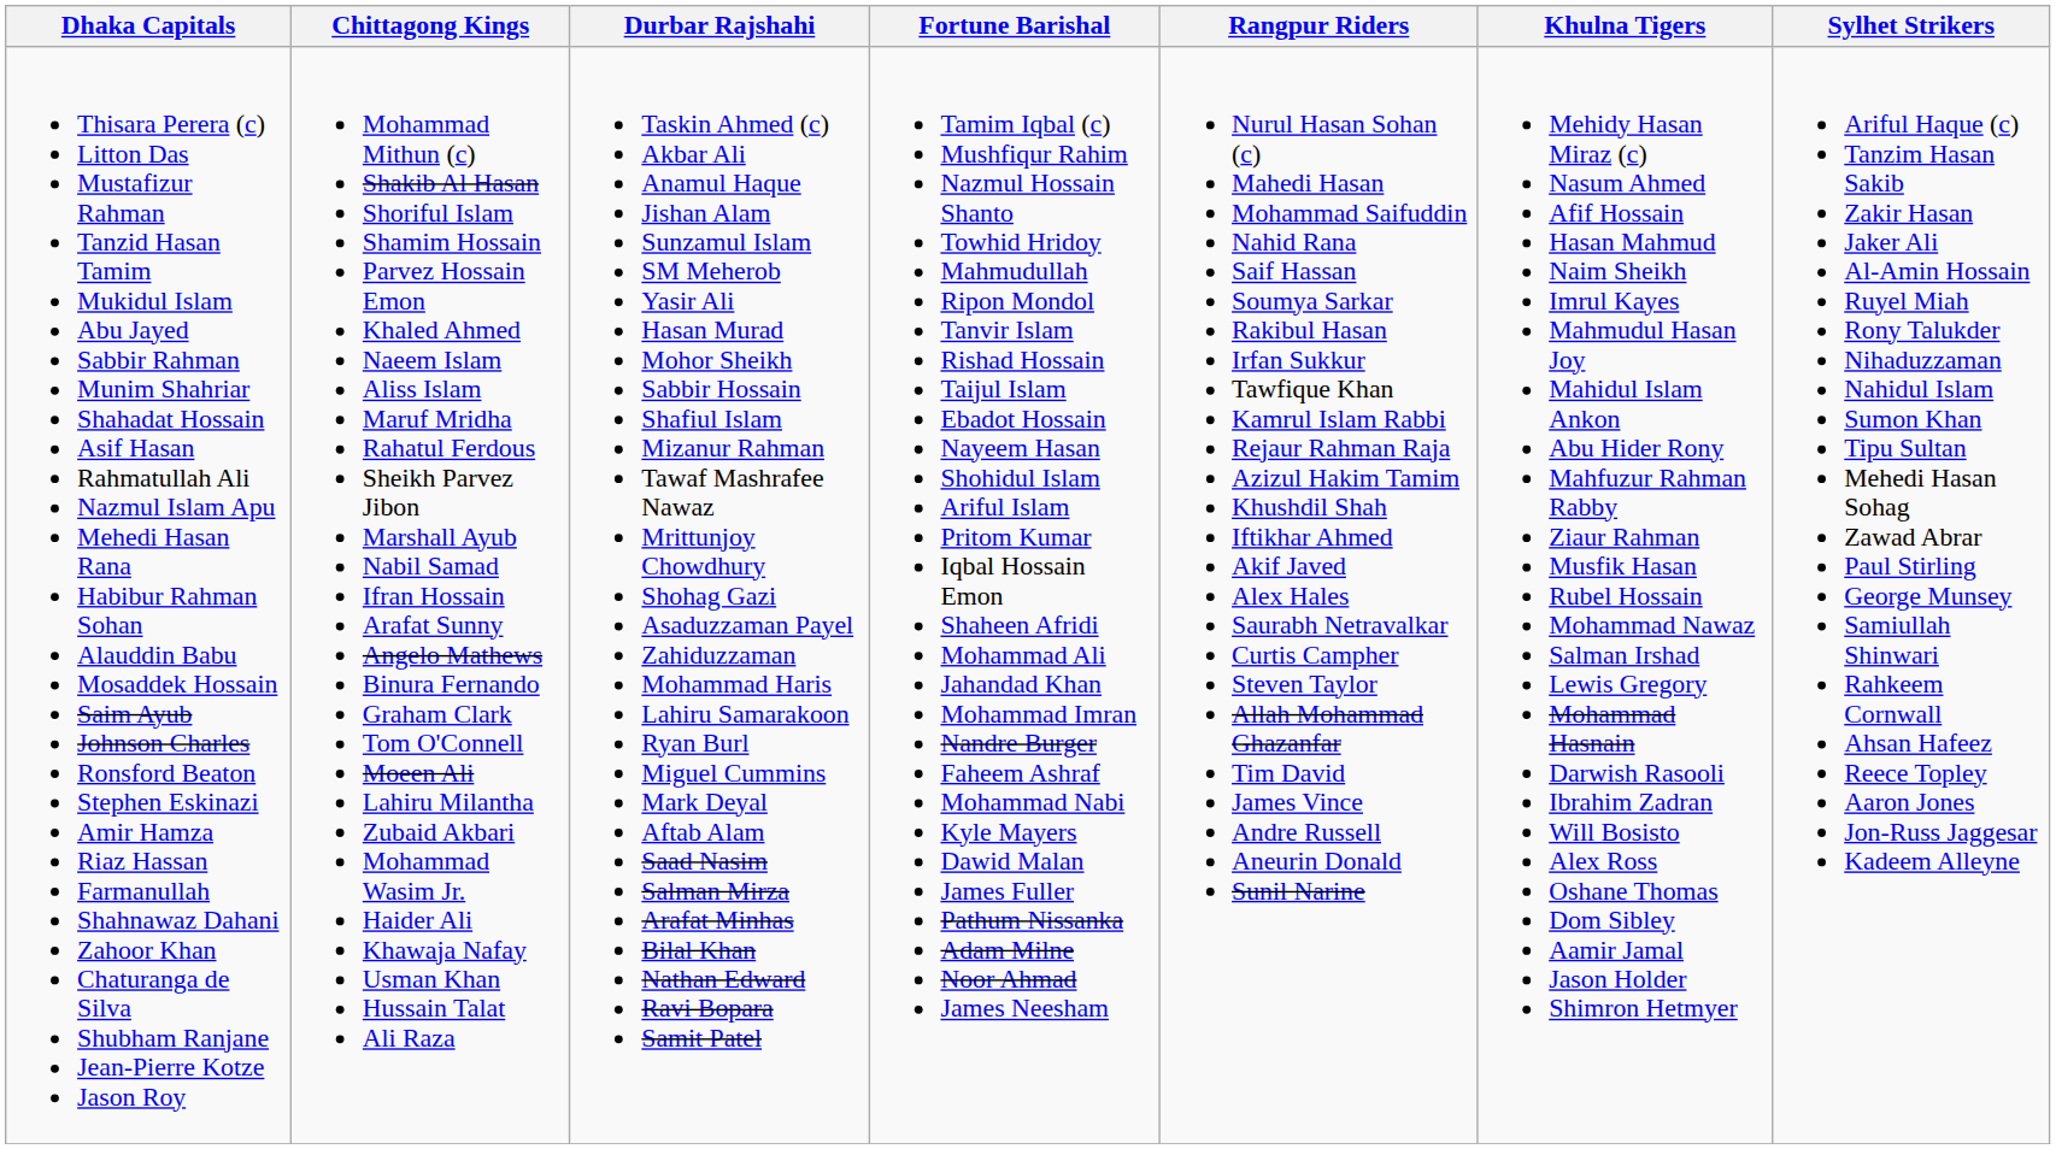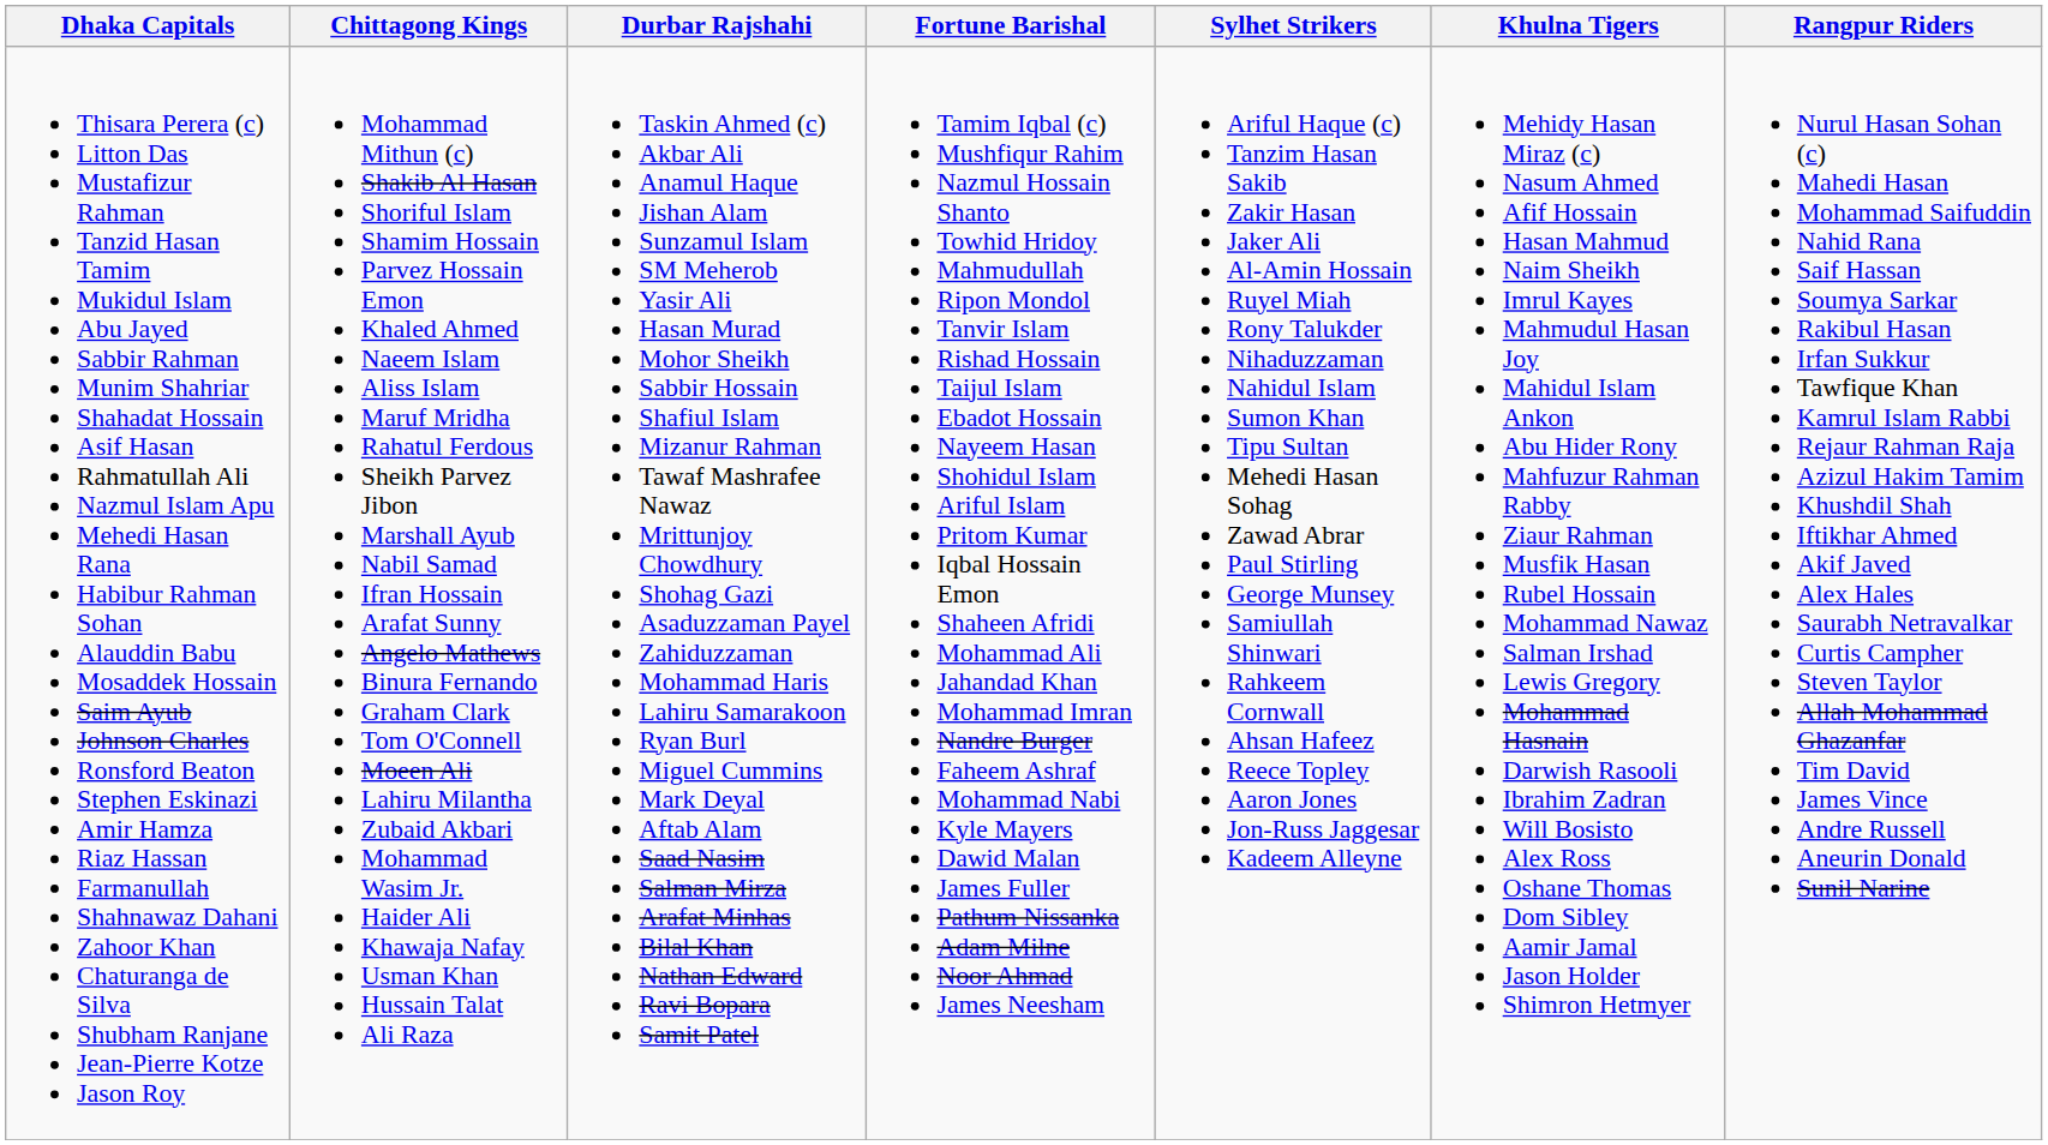 <table class="wikitable">
 <tr>
 <th><a href='#'>Dhaka Capitals</a></th>
 <th><a href='#'>Chittagong Kings</a></th>
 <th><a href='#'>Durbar Rajshahi</a></th>
 <th><a href='#'>Fortune Barishal</a></th>
+<th><a href='#'>Sylhet Strikers</a></th>
+<th><a href='#'>Khulna Tigers</a></th>
 <th><a href='#'>Rangpur Riders</a></th>
-<th><a href='#'>Khulna Tigers</a></th>
-<th><a href='#'>Sylhet Strikers</a></th>
 </tr>
 <tr>
 <td valign=top><br><ul><li><a href='#'>Thisara Perera</a> (<a href='#'>c</a>)</li><li><a href='#'>Litton Das</a></li><li><a href='#'>Mustafizur Rahman</a></li><li><a href='#'>Tanzid Hasan Tamim</a></li><li><a href='#'>Mukidul Islam</a></li><li><a href='#'>Abu Jayed</a></li><li><a href='#'>Sabbir Rahman</a></li><li><a href='#'>Munim Shahriar</a></li><li><a href='#'>Shahadat Hossain</a></li><li><a href='#'>Asif Hasan</a></li><li>Rahmatullah Ali</li><li><a href='#'>Nazmul Islam Apu</a></li><li><a href='#'>Mehedi Hasan Rana</a></li><li><a href='#'>Habibur Rahman Sohan</a></li><li><a href='#'>Alauddin Babu</a></li><li><a href='#'>Mosaddek Hossain</a></li><li><s><a href='#'>Saim Ayub</a></s></li><li><s><a href='#'>Johnson Charles</a></s></li><li><a href='#'>Ronsford Beaton</a></li><li><a href='#'>Stephen Eskinazi</a></li><li><a href='#'>Amir Hamza</a></li><li><a href='#'>Riaz Hassan</a></li><li><a href='#'>Farmanullah</a></li><li><a href='#'>Shahnawaz Dahani</a></li><li><a href='#'>Zahoor Khan</a></li><li><a href='#'>Chaturanga de Silva</a></li><li><a href='#'>Shubham Ranjane</a></li><li><a href='#'>Jean-Pierre Kotze</a></li><li><a href='#'>Jason Roy</a></li></ul></td>
 <td valign=top><br><ul><li><a href='#'>Mohammad Mithun</a> (<a href='#'>c</a>)</li><li><s><a href='#'>Shakib Al Hasan</a></s></li><li><a href='#'>Shoriful Islam</a></li><li><a href='#'>Shamim Hossain</a></li><li><a href='#'>Parvez Hossain Emon</a></li><li><a href='#'>Khaled Ahmed</a></li><li><a href='#'>Naeem Islam</a></li><li><a href='#'>Aliss Islam</a></li><li><a href='#'>Maruf Mridha</a></li><li><a href='#'>Rahatul Ferdous</a></li><li>Sheikh Parvez Jibon</li><li><a href='#'>Marshall Ayub</a></li><li><a href='#'>Nabil Samad</a></li><li><a href='#'>Ifran Hossain</a></li><li><a href='#'>Arafat Sunny</a></li><li><s><a href='#'>Angelo Mathews</a></s></li><li><a href='#'>Binura Fernando</a></li><li><a href='#'>Graham Clark</a></li><li><a href='#'>Tom O'Connell</a></li><li><s><a href='#'>Moeen Ali</a></s></li><li><a href='#'>Lahiru Milantha</a></li><li><a href='#'>Zubaid Akbari</a></li><li><a href='#'>Mohammad Wasim Jr.</a></li><li><a href='#'>Haider Ali</a></li><li><a href='#'>Khawaja Nafay</a></li><li><a href='#'>Usman Khan</a></li><li><a href='#'>Hussain Talat</a></li><li><a href='#'>Ali Raza</a></li></ul></td>
 <td valign=top><br><ul><li><a href='#'>Taskin Ahmed</a> (<a href='#'>c</a>)</li><li><a href='#'>Akbar Ali</a></li><li><a href='#'>Anamul Haque</a></li><li><a href='#'>Jishan Alam</a></li><li><a href='#'>Sunzamul Islam</a></li><li><a href='#'>SM Meherob</a></li><li><a href='#'>Yasir Ali</a></li><li><a href='#'>Hasan Murad</a></li><li><a href='#'>Mohor Sheikh</a></li><li><a href='#'>Sabbir Hossain</a></li><li><a href='#'>Shafiul Islam</a></li><li><a href='#'>Mizanur Rahman</a></li><li>Tawaf Mashrafee Nawaz</li><li><a href='#'>Mrittunjoy Chowdhury</a></li><li><a href='#'>Shohag Gazi</a></li><li><a href='#'>Asaduzzaman Payel</a></li><li><a href='#'>Zahiduzzaman</a></li><li><a href='#'>Mohammad Haris</a></li><li><a href='#'>Lahiru Samarakoon</a></li><li><a href='#'>Ryan Burl</a></li><li><a href='#'>Miguel Cummins</a></li><li><a href='#'>Mark Deyal</a></li><li><a href='#'>Aftab Alam</a></li><li><s><a href='#'>Saad Nasim</a></s></li><li><s><a href='#'>Salman Mirza</a></s></li><li><s><a href='#'>Arafat Minhas</a></s></li><li><s><a href='#'>Bilal Khan</a></s></li><li><s><a href='#'>Nathan Edward</a></s></li><li><s><a href='#'>Ravi Bopara</a></s></li><li><s><a href='#'>Samit Patel</a></s></li></ul></td>
 <td valign=top><br><ul><li><a href='#'>Tamim Iqbal</a> (<a href='#'>c</a>)</li><li><a href='#'>Mushfiqur Rahim</a></li><li><a href='#'>Nazmul Hossain Shanto</a></li><li><a href='#'>Towhid Hridoy</a></li><li><a href='#'>Mahmudullah</a></li><li><a href='#'>Ripon Mondol</a></li><li><a href='#'>Tanvir Islam</a></li><li><a href='#'>Rishad Hossain</a></li><li><a href='#'>Taijul Islam</a></li><li><a href='#'>Ebadot Hossain</a></li><li><a href='#'>Nayeem Hasan</a></li><li><a href='#'>Shohidul Islam</a></li><li><a href='#'>Ariful Islam</a></li><li><a href='#'>Pritom Kumar</a></li><li>Iqbal Hossain Emon</li><li><a href='#'>Shaheen Afridi</a></li><li><a href='#'>Mohammad Ali</a></li><li><a href='#'>Jahandad Khan</a></li><li><a href='#'>Mohammad Imran</a></li><li><s><a href='#'>Nandre Burger</a></s></li><li><a href='#'>Faheem Ashraf</a></li><li><a href='#'>Mohammad Nabi</a></li><li><a href='#'>Kyle Mayers</a></li><li><a href='#'>Dawid Malan</a></li><li><a href='#'>James Fuller</a></li><li><s><a href='#'>Pathum Nissanka</a></s></li><li><s><a href='#'>Adam Milne</a></s></li><li><s><a href='#'>Noor Ahmad</a></s></li><li><a href='#'>James Neesham</a></li></ul></td>
+<td valign=top><br><ul><li><a href='#'>Ariful Haque</a> (<a href='#'>c</a>)</li><li><a href='#'>Tanzim Hasan Sakib</a></li><li><a href='#'>Zakir Hasan</a></li><li><a href='#'>Jaker Ali</a></li><li><a href='#'>Al-Amin Hossain</a></li><li><a href='#'>Ruyel Miah</a></li><li><a href='#'>Rony Talukder</a></li><li><a href='#'>Nihaduzzaman</a></li><li><a href='#'>Nahidul Islam</a></li><li><a href='#'>Sumon Khan</a></li><li><a href='#'>Tipu Sultan</a></li><li>Mehedi Hasan Sohag</li><li>Zawad Abrar</li><li><a href='#'>Paul Stirling</a></li><li><a href='#'>George Munsey</a></li><li><a href='#'>Samiullah Shinwari</a></li><li><a href='#'>Rahkeem Cornwall</a></li><li><a href='#'>Ahsan Hafeez</a></li><li><a href='#'>Reece Topley</a></li><li><a href='#'>Aaron Jones</a></li><li><a href='#'>Jon-Russ Jaggesar</a></li><li><a href='#'>Kadeem Alleyne</a></li></ul></td>
+<td valign=top><br><ul><li><a href='#'>Mehidy Hasan Miraz</a> (<a href='#'>c</a>)</li><li><a href='#'>Nasum Ahmed</a></li><li><a href='#'>Afif Hossain</a></li><li><a href='#'>Hasan Mahmud</a></li><li><a href='#'>Naim Sheikh</a></li><li><a href='#'>Imrul Kayes</a></li><li><a href='#'>Mahmudul Hasan Joy</a></li><li><a href='#'>Mahidul Islam Ankon</a></li><li><a href='#'>Abu Hider Rony</a></li><li><a href='#'>Mahfuzur Rahman Rabby</a></li><li><a href='#'>Ziaur Rahman</a></li><li><a href='#'>Musfik Hasan</a></li><li><a href='#'>Rubel Hossain</a></li><li><a href='#'>Mohammad Nawaz</a></li><li><a href='#'>Salman Irshad</a></li><li><a href='#'>Lewis Gregory</a></li><li><s><a href='#'>Mohammad Hasnain</a></s></li><li><a href='#'>Darwish Rasooli</a></li><li><a href='#'>Ibrahim Zadran</a></li><li><a href='#'>Will Bosisto</a></li><li><a href='#'>Alex Ross</a></li><li><a href='#'>Oshane Thomas</a></li><li><a href='#'>Dom Sibley</a></li><li><a href='#'>Aamir Jamal</a></li><li><a href='#'>Jason Holder</a></li><li><a href='#'>Shimron Hetmyer</a></li></ul></td>
 <td valign=top><br><ul><li><a href='#'>Nurul Hasan Sohan</a> (<a href='#'>c</a>)</li><li><a href='#'>Mahedi Hasan</a></li><li><a href='#'>Mohammad Saifuddin</a></li><li><a href='#'>Nahid Rana</a></li><li><a href='#'>Saif Hassan</a></li><li><a href='#'>Soumya Sarkar</a></li><li><a href='#'>Rakibul Hasan</a></li><li><a href='#'>Irfan Sukkur</a></li><li>Tawfique Khan</li><li><a href='#'>Kamrul Islam Rabbi</a></li><li><a href='#'>Rejaur Rahman Raja</a></li><li><a href='#'>Azizul Hakim Tamim</a></li><li><a href='#'>Khushdil Shah</a></li><li><a href='#'>Iftikhar Ahmed</a></li><li><a href='#'>Akif Javed</a></li><li><a href='#'>Alex Hales</a></li><li><a href='#'>Saurabh Netravalkar</a></li><li><a href='#'>Curtis Campher</a></li><li><a href='#'>Steven Taylor</a></li><li><s><a href='#'>Allah Mohammad Ghazanfar</a></s></li><li><a href='#'>Tim David</a></li><li><a href='#'>James Vince</a></li><li><a href='#'>Andre Russell</a></li><li><a href='#'>Aneurin Donald</a></li><li><s><a href='#'>Sunil Narine</a></s></li></ul></td>
-<td valign=top><br><ul><li><a href='#'>Mehidy Hasan Miraz</a> (<a href='#'>c</a>)</li><li><a href='#'>Nasum Ahmed</a></li><li><a href='#'>Afif Hossain</a></li><li><a href='#'>Hasan Mahmud</a></li><li><a href='#'>Naim Sheikh</a></li><li><a href='#'>Imrul Kayes</a></li><li><a href='#'>Mahmudul Hasan Joy</a></li><li><a href='#'>Mahidul Islam Ankon</a></li><li><a href='#'>Abu Hider Rony</a></li><li><a href='#'>Mahfuzur Rahman Rabby</a></li><li><a href='#'>Ziaur Rahman</a></li><li><a href='#'>Musfik Hasan</a></li><li><a href='#'>Rubel Hossain</a></li><li><a href='#'>Mohammad Nawaz</a></li><li><a href='#'>Salman Irshad</a></li><li><a href='#'>Lewis Gregory</a></li><li><s><a href='#'>Mohammad Hasnain</a></s></li><li><a href='#'>Darwish Rasooli</a></li><li><a href='#'>Ibrahim Zadran</a></li><li><a href='#'>Will Bosisto</a></li><li><a href='#'>Alex Ross</a></li><li><a href='#'>Oshane Thomas</a></li><li><a href='#'>Dom Sibley</a></li><li><a href='#'>Aamir Jamal</a></li><li><a href='#'>Jason Holder</a></li><li><a href='#'>Shimron Hetmyer</a></li></ul></td>
-<td valign=top><br><ul><li><a href='#'>Ariful Haque</a> (<a href='#'>c</a>)</li><li><a href='#'>Tanzim Hasan Sakib</a></li><li><a href='#'>Zakir Hasan</a></li><li><a href='#'>Jaker Ali</a></li><li><a href='#'>Al-Amin Hossain</a></li><li><a href='#'>Ruyel Miah</a></li><li><a href='#'>Rony Talukder</a></li><li><a href='#'>Nihaduzzaman</a></li><li><a href='#'>Nahidul Islam</a></li><li><a href='#'>Sumon Khan</a></li><li><a href='#'>Tipu Sultan</a></li><li>Mehedi Hasan Sohag</li><li>Zawad Abrar</li><li><a href='#'>Paul Stirling</a></li><li><a href='#'>George Munsey</a></li><li><a href='#'>Samiullah Shinwari</a></li><li><a href='#'>Rahkeem Cornwall</a></li><li><a href='#'>Ahsan Hafeez</a></li><li><a href='#'>Reece Topley</a></li><li><a href='#'>Aaron Jones</a></li><li><a href='#'>Jon-Russ Jaggesar</a></li><li><a href='#'>Kadeem Alleyne</a></li></ul></td>
 </tr>
 </table>
